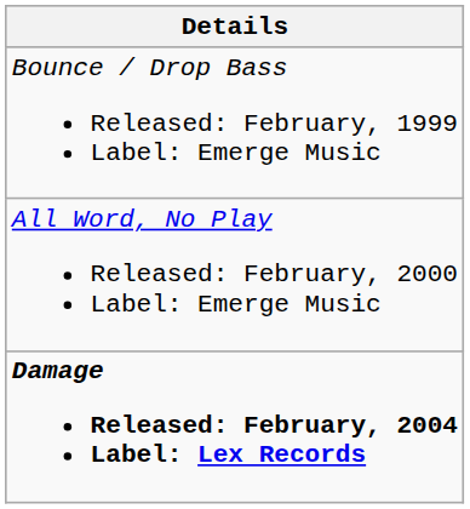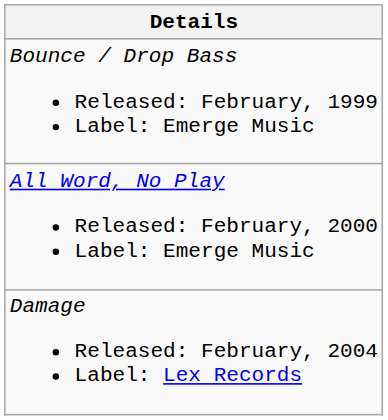 <table class="wikitable">
 <tr>
 <th align="left">Details</th>
 </tr>
 <tr>
 <td align="left"><em>Bounce / Drop Bass</em><br><ul><li>Released: February, 1999</li><li>Label: Emerge Music</li></ul></td>
 </tr>
 <tr>
 <td align="left"><em><a href='#'>All Word, No Play</a></em><br><ul><li>Released: February, 2000</li><li>Label: Emerge Music</li></ul></td>
 </tr>
 <tr>
-<td align="left"><strong><em>Damage</em><br><ul><li>Released: February, 2004</li><li>Label: <a href='#'>Lex Records</a></li></ul></strong></td>
+<td align="left"><em>Damage</em><br><ul><li>Released: February, 2004</li><li>Label: <a href='#'>Lex Records</a></li></ul></td>
 </tr>
 </table>
